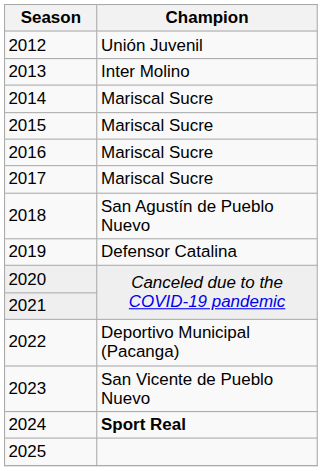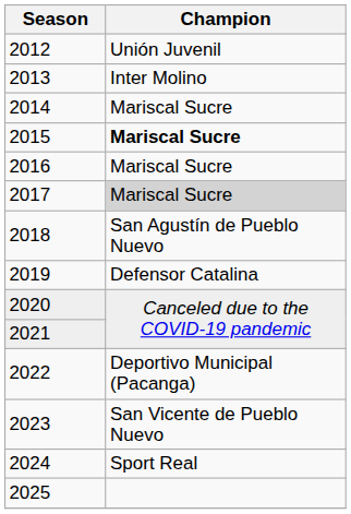 <table class="wikitable sortable">
 <tr>
 <th width=80px>Season</th>
 <th width=200px>Champion</th>
 </tr>
 <tr>
 <td>2012</td>
 <td>Unión Juvenil</td>
 </tr>
 <tr>
 <td>2013</td>
 <td>Inter Molino</td>
 </tr>
 <tr>
 <td>2014</td>
 <td>Mariscal Sucre</td>
 </tr>
 <tr>
 <td>2015</td>
-<td>Mariscal Sucre</td>
+<td><strong>Mariscal Sucre</strong></td>
 </tr>
 <tr>
 <td>2016</td>
 <td>Mariscal Sucre</td>
 </tr>
 <tr>
 <td>2017</td>
-<td>Mariscal Sucre</td>
+<td style="background: lightgrey;">Mariscal Sucre</td>
 </tr>
 <tr>
 <td>2018</td>
 <td>San Agustín de Pueblo Nuevo</td>
 </tr>
 <tr>
 <td>2019</td>
 <td>Defensor Catalina</td>
 </tr>
 <tr bgcolor=#efefef>
 <td>2020</td>
 <td rowspan=2 colspan="1" align=center><em>Canceled due to the <a href='#'>COVID-19 pandemic</a></em></td>
 </tr>
 <tr bgcolor=#efefef>
 <td>2021</td>
 </tr>
 <tr>
 <td>2022</td>
 <td>Deportivo Municipal (Pacanga)</td>
 </tr>
 <tr>
 <td>2023</td>
 <td>San Vicente de Pueblo Nuevo</td>
 </tr>
 <tr>
 <td>2024</td>
-<td><strong>Sport Real</strong></td>
+<td>Sport Real</td>
 </tr>
 <tr>
 <td>2025</td>
 <td></td>
 </tr>
 <tr>
 </tr>
 </table>
